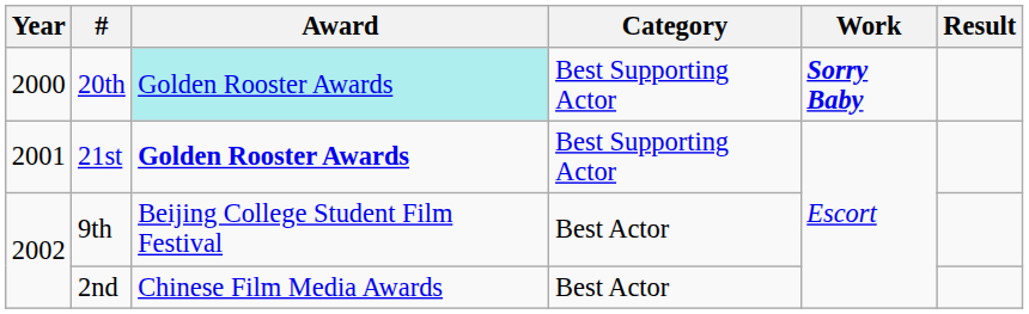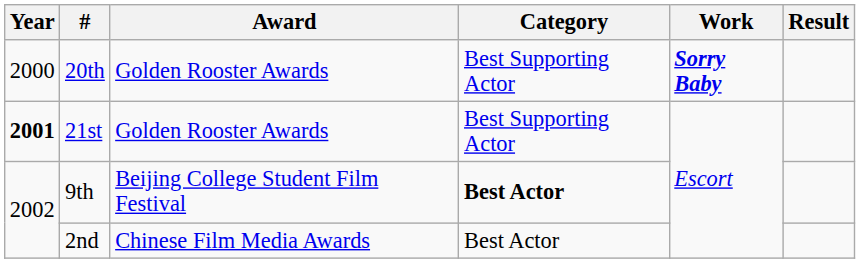 <table class="wikitable sortable">
 <tr>
 <th>Year</th>
 <th>#</th>
 <th>Award</th>
 <th>Category</th>
 <th>Work</th>
 <th>Result</th>
 </tr>
 <tr>
 <td>2000</td>
 <td><a href='#'>20th</a></td>
-<td style="background: paleturquoise;"><a href='#'>Golden Rooster Awards</a></td>
+<td><a href='#'>Golden Rooster Awards</a></td>
 <td><a href='#'>Best Supporting Actor</a></td>
 <td><strong><em><a href='#'>Sorry Baby</a></em></strong></td>
 <td></td>
 </tr>
 <tr>
-<td>2001</td>
+<td><strong>2001</strong></td>
 <td><a href='#'>21st</a></td>
-<td><strong><a href='#'>Golden Rooster Awards</a></strong></td>
+<td><a href='#'>Golden Rooster Awards</a></td>
 <td><a href='#'>Best Supporting Actor</a></td>
 <td rowspan=3><em><a href='#'>Escort</a></em></td>
 <td></td>
 </tr>
 <tr>
 <td rowspan=2>2002</td>
 <td>9th</td>
 <td><a href='#'>Beijing College Student Film Festival</a></td>
-<td>Best Actor</td>
+<td><strong>Best Actor</strong></td>
 <td></td>
 </tr>
 <tr>
 <td>2nd</td>
 <td><a href='#'>Chinese Film Media Awards</a></td>
 <td>Best Actor</td>
 <td></td>
 </tr>
 </table>
